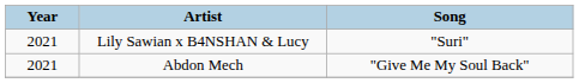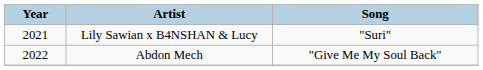 <table class="wikitable" style="text-align: center">
 <tr>
 <th width="70" style="background:#b3d1e3;">Year</th>
 <th width="250" style="background:#b3d1e3;">Artist</th>
 <th width="250" style="background:#b3d1e3;">Song</th>
 </tr>
 <tr>
 <td>2021</td>
 <td>Lily Sawian x B4NSHAN & Lucy</td>
 <td>"Suri"</td>
 </tr>
 <tr>
-<td>2021</td>
+<td>2022</td>
 <td>Abdon Mech</td>
 <td>"Give Me My Soul Back"</td>
 </tr>
 <tr>
 </tr>
 </table>
